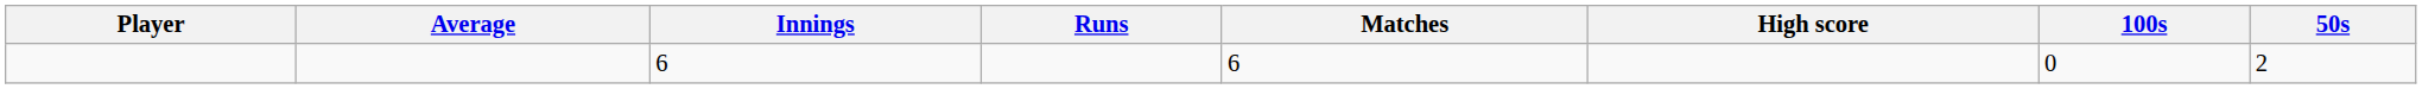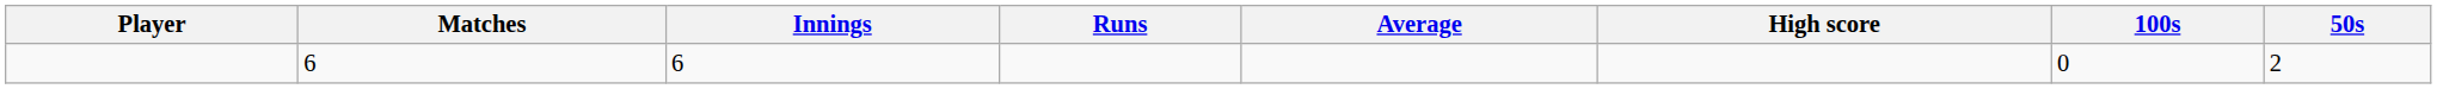 <table class="wikitable sortable" style="width:80%;">
 <tr>
 <th>Player</th>
-<th><a href='#'>Average</a></th>
+<th>Matches</th>
 <th><a href='#'>Innings</a></th>
 <th><a href='#'>Runs</a></th>
-<th>Matches</th>
+<th><a href='#'>Average</a></th>
 <th>High score</th>
 <th><a href='#'>100s</a></th>
 <th><a href='#'>50s</a></th>
 </tr>
 <tr>
 <td></td>
-<td></td>
+<td>6</td>
 <td>6</td>
 <td></td>
-<td>6</td>
+<td></td>
 <td></td>
 <td>0</td>
 <td>2</td>
 </tr>
 </table>
